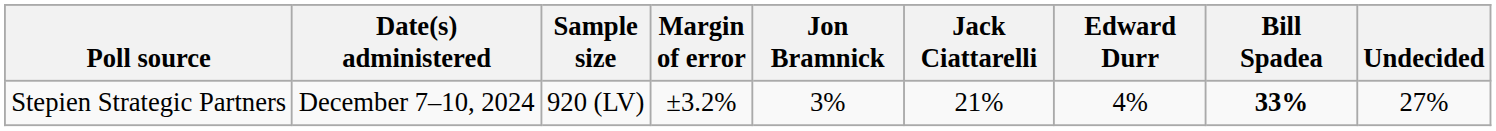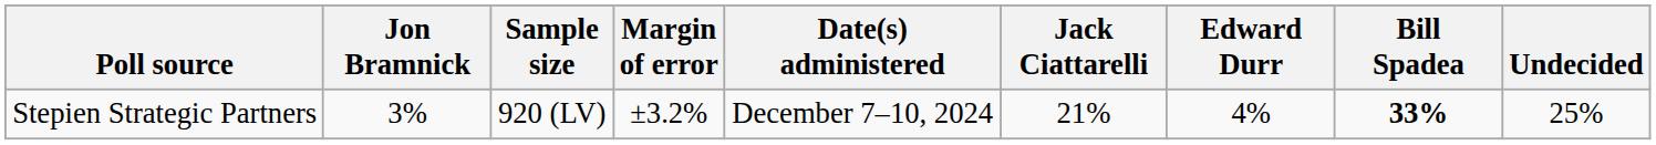 <table class="wikitable" style="font-size:90%;text-align:center;">
 <tr valign=bottom>
 <th>Poll source</th>
-<th>Date(s)<br>administered</th>
+<th style="width:75px;">Jon<br>Bramnick</th>
 <th>Sample<br>size</th>
 <th>Margin<br>of error</th>
-<th style="width:75px;">Jon<br>Bramnick</th>
+<th>Date(s)<br>administered</th>
 <th style="width:75px;">Jack<br>Ciattarelli</th>
 <th style="width:75px;">Edward<br>Durr</th>
 <th style="width:75px;">Bill<br>Spadea</th>
 <th>Undecided</th>
 </tr>
 <tr>
 <td style="text-align:left">Stepien Strategic Partners</td>
-<td>December 7–10, 2024</td>
+<td>3%</td>
 <td>920 (LV)</td>
 <td>±3.2%</td>
-<td>3%</td>
+<td>December 7–10, 2024</td>
 <td>21%</td>
 <td>4%</td>
 <td><strong>33%</strong></td>
-<td>27%</td>
+<td>25%</td>
 </tr>
 </table>
